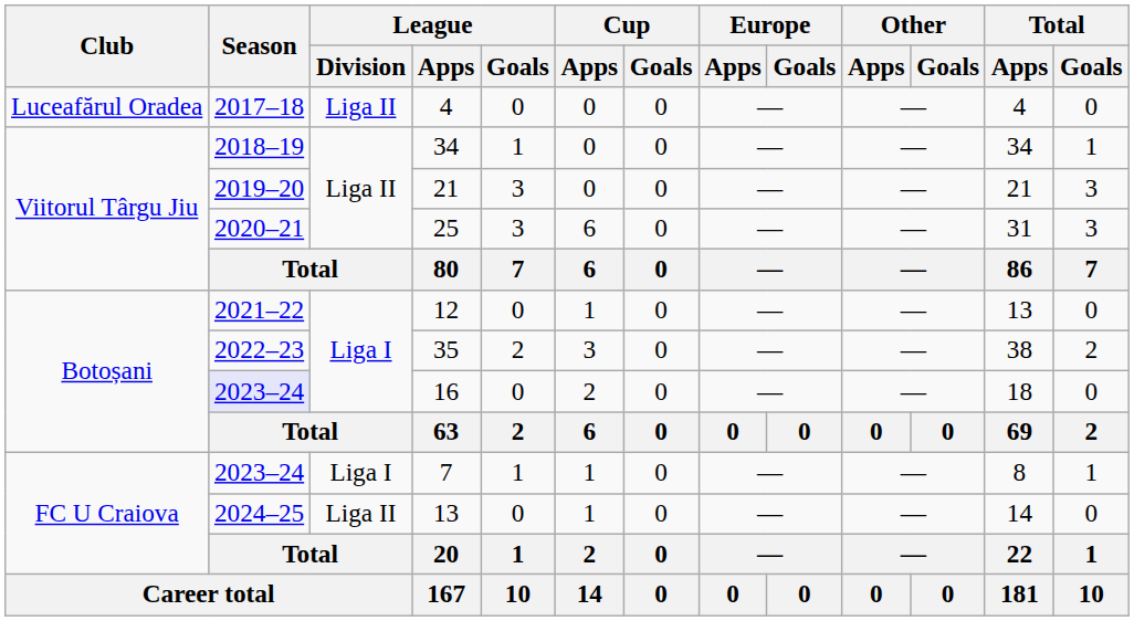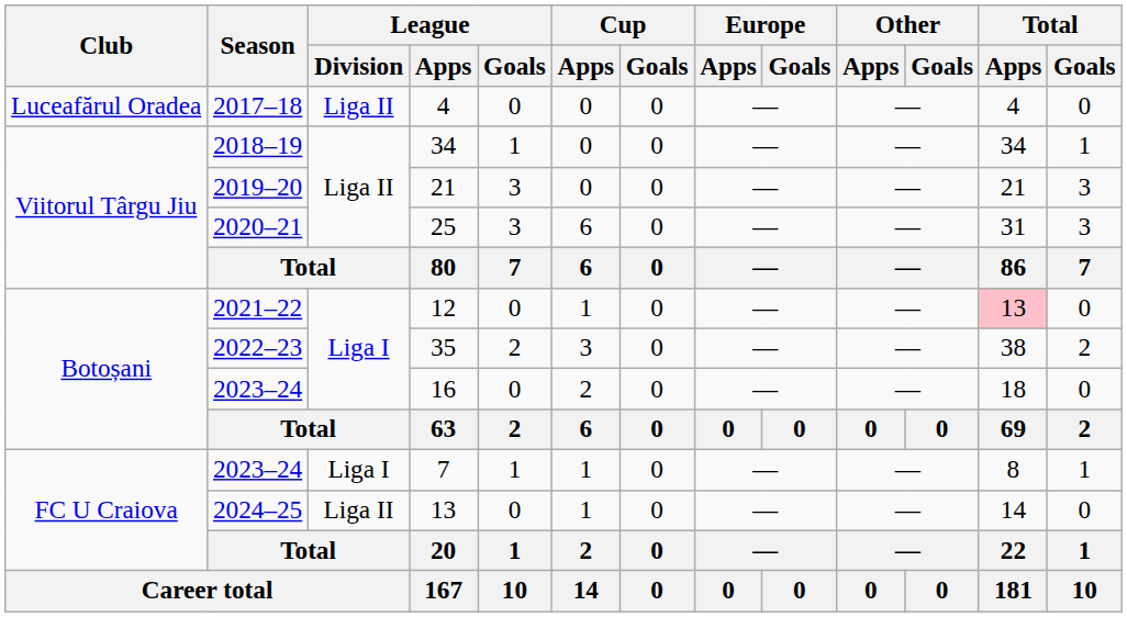 <table class="wikitable" style="text-align:center">
 <tr>
 <th rowspan=2>Club</th>
 <th rowspan=2>Season</th>
 <th colspan=3>League</th>
 <th colspan=2>Cup</th>
 <th colspan=2>Europe</th>
 <th colspan=2>Other</th>
 <th colspan=2>Total</th>
 </tr>
 <tr>
 <th>Division</th>
 <th>Apps</th>
 <th>Goals</th>
 <th>Apps</th>
 <th>Goals</th>
 <th>Apps</th>
 <th>Goals</th>
 <th>Apps</th>
 <th>Goals</th>
 <th>Apps</th>
 <th>Goals</th>
 </tr>
 <tr>
 <td><a href='#'>Luceafărul Oradea</a></td>
 <td><a href='#'>2017–18</a></td>
 <td><a href='#'>Liga II</a></td>
 <td>4</td>
 <td>0</td>
 <td>0</td>
 <td>0</td>
 <td colspan="2">—</td>
 <td colspan="2">—</td>
 <td>4</td>
 <td>0</td>
 </tr>
 <tr>
 <td rowspan="4"><a href='#'>Viitorul Târgu Jiu</a></td>
 <td><a href='#'>2018–19</a></td>
 <td rowspan="3">Liga II</td>
 <td>34</td>
 <td>1</td>
 <td>0</td>
 <td>0</td>
 <td colspan="2">—</td>
 <td colspan="2">—</td>
 <td>34</td>
 <td>1</td>
 </tr>
 <tr>
 <td><a href='#'>2019–20</a></td>
 <td>21</td>
 <td>3</td>
 <td>0</td>
 <td>0</td>
 <td colspan="2">—</td>
 <td colspan="2">—</td>
 <td>21</td>
 <td>3</td>
 </tr>
 <tr>
 <td><a href='#'>2020–21</a></td>
 <td>25</td>
 <td>3</td>
 <td>6</td>
 <td>0</td>
 <td colspan="2">—</td>
 <td colspan="2">—</td>
 <td>31</td>
 <td>3</td>
 </tr>
 <tr>
 <th colspan="2">Total</th>
 <th>80</th>
 <th>7</th>
 <th>6</th>
 <th>0</th>
 <th colspan="2">—</th>
 <th colspan="2">—</th>
 <th>86</th>
 <th>7</th>
 </tr>
 <tr>
 <td rowspan="4"><a href='#'>Botoșani</a></td>
 <td><a href='#'>2021–22</a></td>
 <td rowspan="3"><a href='#'>Liga I</a></td>
 <td>12</td>
 <td>0</td>
 <td>1</td>
 <td>0</td>
 <td colspan="2">—</td>
 <td colspan="2">—</td>
-<td>13</td>
+<td style="background: pink;">13</td>
 <td>0</td>
 </tr>
 <tr>
 <td><a href='#'>2022–23</a></td>
 <td>35</td>
 <td>2</td>
 <td>3</td>
 <td>0</td>
 <td colspan="2">—</td>
 <td colspan="2">—</td>
 <td>38</td>
 <td>2</td>
 </tr>
 <tr>
-<td style="background: lavender;"><a href='#'>2023–24</a></td>
+<td><a href='#'>2023–24</a></td>
 <td>16</td>
 <td>0</td>
 <td>2</td>
 <td>0</td>
 <td colspan="2">—</td>
 <td colspan="2">—</td>
 <td>18</td>
 <td>0</td>
 </tr>
 <tr>
 <th colspan="2">Total</th>
 <th>63</th>
 <th>2</th>
 <th>6</th>
 <th>0</th>
 <th>0</th>
 <th>0</th>
 <th>0</th>
 <th>0</th>
 <th>69</th>
 <th>2</th>
 </tr>
 <tr>
 <td rowspan="3"><a href='#'>FC U Craiova</a></td>
 <td><a href='#'>2023–24</a></td>
 <td>Liga I</td>
 <td>7</td>
 <td>1</td>
 <td>1</td>
 <td>0</td>
 <td colspan="2">—</td>
 <td colspan="2">—</td>
 <td>8</td>
 <td>1</td>
 </tr>
 <tr>
 <td><a href='#'>2024–25</a></td>
 <td>Liga II</td>
 <td>13</td>
 <td>0</td>
 <td>1</td>
 <td>0</td>
 <td colspan="2">—</td>
 <td colspan="2">—</td>
 <td>14</td>
 <td>0</td>
 </tr>
 <tr>
 <th colspan="2">Total</th>
 <th>20</th>
 <th>1</th>
 <th>2</th>
 <th>0</th>
 <th colspan="2">—</th>
 <th colspan="2">—</th>
 <th>22</th>
 <th>1</th>
 </tr>
 <tr>
 <th colspan="3">Career total</th>
 <th>167</th>
 <th>10</th>
 <th>14</th>
 <th>0</th>
 <th>0</th>
 <th>0</th>
 <th>0</th>
 <th>0</th>
 <th>181</th>
 <th>10</th>
 </tr>
 </table>
